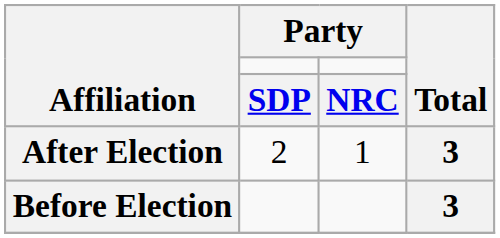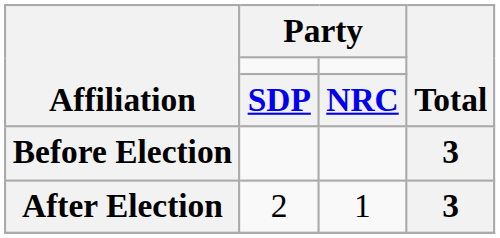 <table class=wikitable style="text-align:center">
 <tr style="vertical-align:bottom;">
 <th rowspan=3>Affiliation</th>
 <th colspan=2>Party</th>
 <th rowspan=3>Total</th>
 </tr>
 <tr>
 <td style="background-color:"></td>
 <td style="background-color:"></td>
 </tr>
 <tr>
 <th><a href='#'>SDP</a></th>
 <th><a href='#'>NRC</a></th>
 </tr>
 <tr>
+<th>Before Election</th>
+<td></td>
+<td></td>
+<th>3</th>
+</tr>
+<tr>
 <th>After Election</th>
 <td>2</td>
 <td>1</td>
 <th>3</th>
 </tr>
 <tr>
-<th>Before Election</th>
-<td></td>
-<td></td>
-<th>3</th>
-</tr>
-<tr>
 </tr>
 </table>
